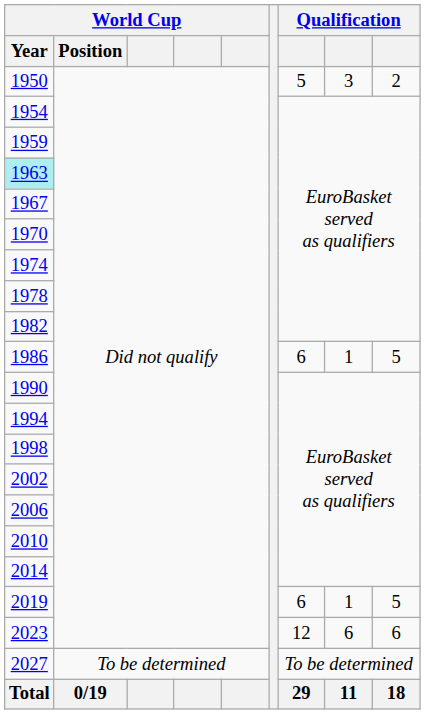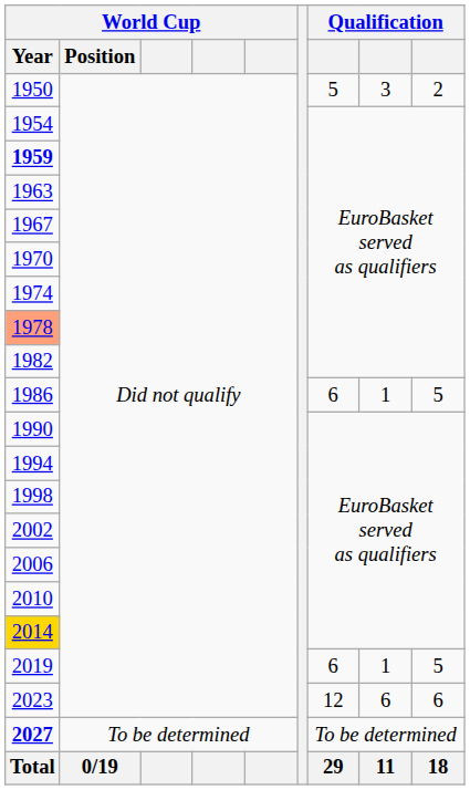 <table class="wikitable" style="text-align: center;font-size:90%;">
 <tr>
 <th colspan=5><a href='#'>World Cup</a></th>
 <th rowspan=23></th>
 <th colspan=3><a href='#'>Qualification</a></th>
 </tr>
 <tr>
 <th>Year</th>
 <th>Position</th>
 <th width=30></th>
 <th width=30></th>
 <th width=30></th>
 <th width=30></th>
 <th width=30></th>
 <th width=30></th>
 </tr>
 <tr>
 <td> <a href='#'>1950</a></td>
 <td colspan=4 rowspan=19><em>Did not qualify</em></td>
 <td>5</td>
 <td>3</td>
 <td>2</td>
 </tr>
 <tr>
 <td> <a href='#'>1954</a></td>
 <td colspan=3 rowspan=8><em>EuroBasket served<br>as qualifiers</em></td>
 </tr>
 <tr>
-<td> <a href='#'>1959</a></td>
+<td><strong> <a href='#'>1959</a></strong></td>
 </tr>
 <tr>
-<td style="background: paleturquoise;"> <a href='#'>1963</a></td>
+<td> <a href='#'>1963</a></td>
 </tr>
 <tr>
 <td> <a href='#'>1967</a></td>
 </tr>
 <tr>
 <td> <a href='#'>1970</a></td>
 </tr>
 <tr>
 <td> <a href='#'>1974</a></td>
 </tr>
 <tr>
-<td> <a href='#'>1978</a></td>
+<td style="background: lightsalmon;"> <a href='#'>1978</a></td>
 </tr>
 <tr>
 <td> <a href='#'>1982</a></td>
 </tr>
 <tr>
 <td> <a href='#'>1986</a></td>
 <td>6</td>
 <td>1</td>
 <td>5</td>
 </tr>
 <tr>
 <td> <a href='#'>1990</a></td>
 <td colspan=3 rowspan=7><em>EuroBasket served<br>as qualifiers</em></td>
 </tr>
 <tr>
 <td> <a href='#'>1994</a></td>
 </tr>
 <tr>
 <td> <a href='#'>1998</a></td>
 </tr>
 <tr>
 <td> <a href='#'>2002</a></td>
 </tr>
 <tr>
 <td> <a href='#'>2006</a></td>
 </tr>
 <tr>
 <td> <a href='#'>2010</a></td>
 </tr>
 <tr>
-<td> <a href='#'>2014</a></td>
+<td style="background: gold;"> <a href='#'>2014</a></td>
 </tr>
 <tr>
 <td> <a href='#'>2019</a></td>
 <td>6</td>
 <td>1</td>
 <td>5</td>
 </tr>
 <tr>
 <td> <a href='#'>2023</a></td>
 <td>12</td>
 <td>6</td>
 <td>6</td>
 </tr>
 <tr>
-<td> <a href='#'>2027</a></td>
+<td><strong> <a href='#'>2027</a></strong></td>
 <td colspan=4><em>To be determined</em></td>
 <td colspan=3><em>To be determined</em></td>
 </tr>
 <tr>
 <th>Total</th>
 <th>0/19</th>
 <th></th>
 <th></th>
 <th></th>
 <th>29</th>
 <th>11</th>
 <th>18</th>
 </tr>
 </table>
